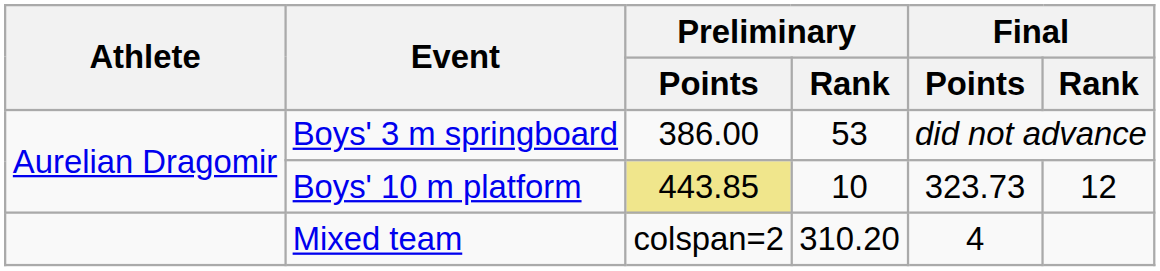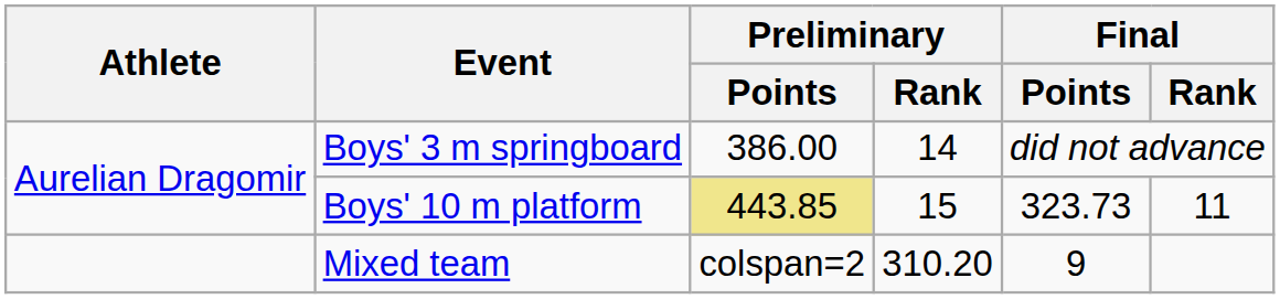 <table class="wikitable" style="text-align:center;font-size:90%">
 <tr>
 <th rowspan=2>Athlete</th>
 <th rowspan=2>Event</th>
 <th colspan=2>Preliminary</th>
 <th colspan=2>Final</th>
 </tr>
 <tr>
 <th>Points</th>
 <th>Rank</th>
 <th>Points</th>
 <th>Rank</th>
 </tr>
 <tr>
 <td align=left rowspan=2><a href='#'>Aurelian Dragomir</a></td>
 <td align=left><a href='#'>Boys' 3 m springboard</a></td>
 <td>386.00</td>
-<td>53</td>
+<td>14</td>
 <td Colspan=2><em>did not advance</em></td>
 </tr>
 <tr>
 <td align=left><a href='#'>Boys' 10 m platform</a></td>
 <td style="background: khaki;">443.85</td>
-<td>10</td>
+<td>15</td>
 <td>323.73</td>
-<td>12</td>
+<td>11</td>
 </tr>
 <tr>
 <td align=left><br></td>
 <td align=left><a href='#'>Mixed team</a></td>
 <td>colspan=2 </td>
 <td>310.20</td>
-<td>4</td>
+<td>9</td>
 </tr>
 </table>
